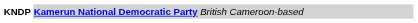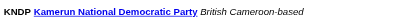 <table style="margin:0 auto;" id=toc cellpadding=1>
 <tr>
 <th width="7%"></th>
 </tr>
 <tr valign=top>
 <td><small><strong>KNDP</strong></small></td>
-<td style="background: lightgrey;"><small><strong><a href='#'>Kamerun National Democratic Party</a></strong> <em>British Cameroon-based</em></small></td>
+<td><small><strong><a href='#'>Kamerun National Democratic Party</a></strong> <em>British Cameroon-based</em></small></td>
 </tr>
 </table>
